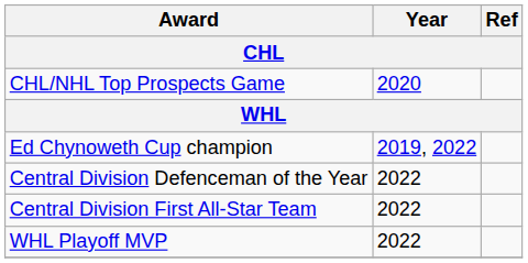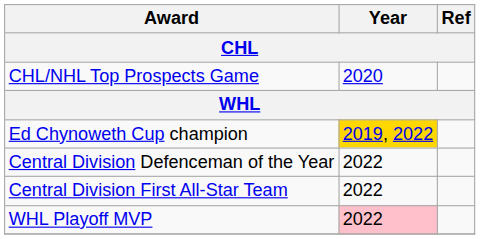 <table class="wikitable">
 <tr>
 <th>Award</th>
 <th>Year</th>
 <th>Ref</th>
 </tr>
 <tr>
 <th colspan="3"><a href='#'>CHL</a></th>
 </tr>
 <tr>
 <td><a href='#'>CHL/NHL Top Prospects Game</a></td>
 <td><a href='#'>2020</a></td>
 <td></td>
 </tr>
 <tr>
 <th colspan="3"><a href='#'>WHL</a></th>
 </tr>
 <tr>
 <td><a href='#'>Ed Chynoweth Cup</a> champion</td>
-<td><a href='#'>2019</a>, <a href='#'>2022</a></td>
+<td style="background: gold;"><a href='#'>2019</a>, <a href='#'>2022</a></td>
 <td></td>
 </tr>
 <tr>
 <td><a href='#'>Central Division</a> Defenceman of the Year</td>
 <td>2022</td>
 <td></td>
 </tr>
 <tr>
 <td><a href='#'>   Central Division First All-Star Team</a></td>
 <td>2022</td>
 <td></td>
 </tr>
 <tr>
 <td><a href='#'>WHL Playoff MVP</a></td>
-<td>2022</td>
+<td style="background: pink;">2022</td>
 <td></td>
 </tr>
 <tr>
 </tr>
 </table>
